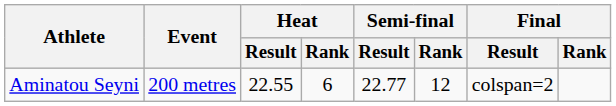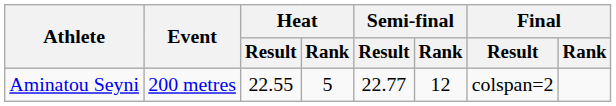 <table class="wikitable" style="font-size:90%">
 <tr>
 <th rowspan="2">Athlete</th>
 <th rowspan="2">Event</th>
 <th colspan="2">Heat</th>
 <th colspan="2">Semi-final</th>
 <th colspan="2">Final</th>
 </tr>
 <tr style="font-size:95%">
 <th>Result</th>
 <th>Rank</th>
 <th>Result</th>
 <th>Rank</th>
 <th>Result</th>
 <th>Rank</th>
 </tr>
 <tr style=text-align:center>
 <td style=text-align:left><a href='#'>Aminatou Seyni</a></td>
 <td style=text-align:left><a href='#'>200 metres</a></td>
 <td>22.55 <strong></strong></td>
-<td>6</td>
+<td>5</td>
 <td>22.77</td>
 <td>12</td>
 <td>colspan=2 </td>
 </tr>
 </table>
